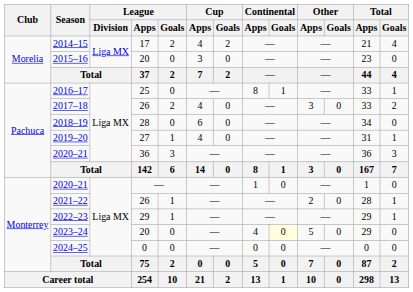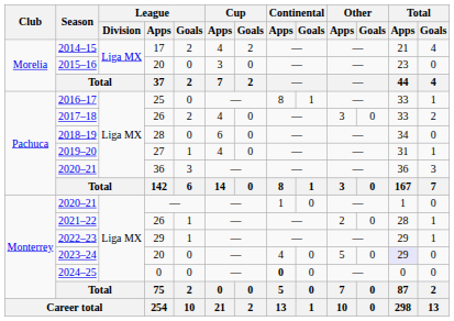 <table class="wikitable" style="text-align:center">
 <tr>
 <th rowspan="2">Club</th>
 <th rowspan="2">Season</th>
 <th colspan="3">League</th>
 <th colspan="2">Cup</th>
 <th colspan="2">Continental</th>
 <th colspan="2">Other</th>
 <th colspan="2">Total</th>
 </tr>
 <tr>
 <th>Division</th>
 <th>Apps</th>
 <th>Goals</th>
 <th>Apps</th>
 <th>Goals</th>
 <th>Apps</th>
 <th>Goals</th>
 <th>Apps</th>
 <th>Goals</th>
 <th>Apps</th>
 <th>Goals</th>
 </tr>
 <tr>
 <td rowspan="3"><a href='#'>Morelia</a></td>
 <td><a href='#'>2014–15</a></td>
 <td rowspan="2"><a href='#'>Liga MX</a></td>
 <td>17</td>
 <td>2</td>
 <td>4</td>
 <td>2</td>
 <td colspan=2>—</td>
 <td colspan=2>—</td>
 <td>21</td>
 <td>4</td>
 </tr>
 <tr>
 <td><a href='#'>2015–16</a></td>
 <td>20</td>
 <td>0</td>
 <td>3</td>
 <td>0</td>
 <td colspan=2>—</td>
 <td colspan="2">—</td>
 <td>23</td>
 <td>0</td>
 </tr>
 <tr>
 <th colspan="2">Total</th>
 <th>37</th>
 <th>2</th>
 <th>7</th>
 <th>2</th>
 <th colspan=2>—</th>
 <th colspan=2>—</th>
 <th>44</th>
 <th>4</th>
 </tr>
 <tr>
 <td rowspan="6"><a href='#'>Pachuca</a></td>
 <td><a href='#'>2016–17</a></td>
 <td rowspan="5">Liga MX</td>
 <td>25</td>
 <td>0</td>
 <td colspan=2>—</td>
 <td>8</td>
 <td>1</td>
 <td colspan=2>—</td>
 <td>33</td>
 <td>1</td>
 </tr>
 <tr>
 <td><a href='#'>2017–18</a></td>
 <td>26</td>
 <td>2</td>
 <td>4</td>
 <td>0</td>
 <td colspan=2>—</td>
 <td>3</td>
 <td>0</td>
 <td>33</td>
 <td>2</td>
 </tr>
 <tr>
 <td><a href='#'>2018–19</a></td>
 <td>28</td>
 <td>0</td>
 <td>6</td>
 <td>0</td>
 <td colspan=2>—</td>
 <td colspan=2>—</td>
 <td>34</td>
 <td>0</td>
 </tr>
 <tr>
 <td><a href='#'>2019–20</a></td>
 <td>27</td>
 <td>1</td>
 <td>4</td>
 <td>0</td>
 <td colspan=2>—</td>
 <td colspan=2>—</td>
 <td>31</td>
 <td>1</td>
 </tr>
 <tr>
 <td><a href='#'>2020–21</a></td>
 <td>36</td>
 <td>3</td>
 <td colspan=2>—</td>
 <td colspan=2>—</td>
 <td colspan=2>—</td>
 <td>36</td>
 <td>3</td>
 </tr>
 <tr>
 <th colspan="2">Total</th>
 <th>142</th>
 <th>6</th>
 <th>14</th>
 <th>0</th>
 <th>8</th>
 <th>1</th>
 <th>3</th>
 <th>0</th>
 <th>167</th>
 <th>7</th>
 </tr>
 <tr>
 <td rowspan="6"><a href='#'>Monterrey</a></td>
 <td><a href='#'>2020–21</a></td>
 <td rowspan="5">Liga MX</td>
 <td colspan=2>—</td>
 <td colspan=2>—</td>
 <td>1</td>
 <td>0</td>
 <td colspan=2>—</td>
 <td>1</td>
 <td>0</td>
 </tr>
 <tr>
 <td><a href='#'>2021–22</a></td>
 <td>26</td>
 <td>1</td>
 <td colspan=2>—</td>
 <td colspan=2>—</td>
 <td>2</td>
 <td>0</td>
 <td>28</td>
 <td>1</td>
 </tr>
 <tr>
 <td><a href='#'>2022–23</a></td>
 <td>29</td>
 <td>1</td>
 <td colspan=2>—</td>
 <td colspan=2>—</td>
 <td colspan=2>—</td>
 <td>29</td>
 <td>1</td>
 </tr>
 <tr>
 <td><a href='#'>2023–24</a></td>
 <td>20</td>
 <td>0</td>
 <td colspan=2>—</td>
 <td>4</td>
-<td style="background: lightyellow;">0</td>
+<td>0</td>
 <td>5</td>
 <td>0</td>
-<td>29</td>
+<td style="background: lavender;">29</td>
 <td>0</td>
 </tr>
 <tr>
 <td><a href='#'>2024–25</a></td>
 <td>0</td>
 <td>0</td>
 <td colspan="2">—</td>
-<td>0</td>
+<td><strong>0</strong></td>
 <td>0</td>
 <td colspan="2">—</td>
 <td>0</td>
 <td>0</td>
 </tr>
 <tr>
 <th colspan="2">Total</th>
 <th>75</th>
 <th>2</th>
 <th>0</th>
 <th>0</th>
 <th>5</th>
 <th>0</th>
 <th>7</th>
 <th>0</th>
 <th>87</th>
 <th>2</th>
 </tr>
 <tr>
 <th colspan="3">Career total</th>
 <th>254</th>
 <th>10</th>
 <th>21</th>
 <th>2</th>
 <th>13</th>
 <th>1</th>
 <th>10</th>
 <th>0</th>
 <th>298</th>
 <th>13</th>
 </tr>
 </table>
